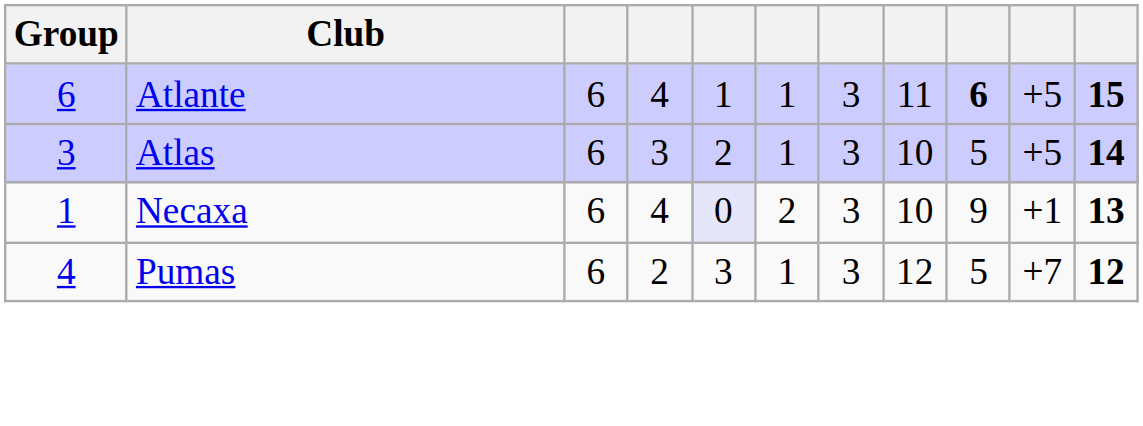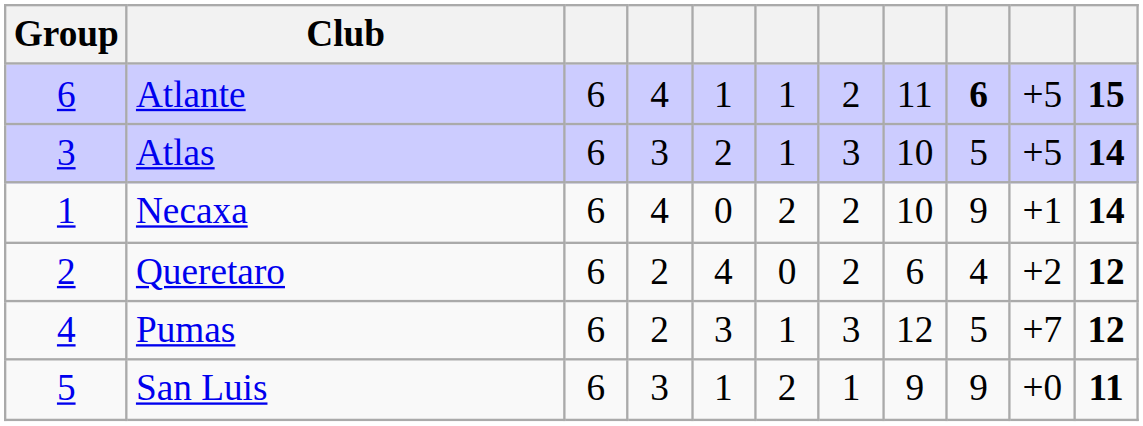 <table class="wikitable" style="text-align:center">
 <tr>
 <th width="20=">Group</th>
 <th width="180">Club</th>
 <th width="20"></th>
 <th width="20"></th>
 <th width="20"></th>
 <th width="20"></th>
 <th width="20"></th>
 <th width="20"></th>
 <th width="20"></th>
 <th width="20"></th>
 <th width="20"></th>
 </tr>
 <tr bgcolor="#ccccff">
 <td><a href='#'>6</a></td>
 <td align=left><a href='#'>Atlante</a></td>
 <td>6</td>
 <td>4</td>
 <td>1</td>
 <td>1</td>
-<td>3</td>
+<td>2</td>
 <td>11</td>
 <td><strong>6</strong></td>
 <td>+5</td>
 <td><strong>15</strong></td>
 </tr>
 <tr bgcolor="#ccccff">
 <td><a href='#'>3</a></td>
 <td align=left><a href='#'>Atlas</a></td>
 <td>6</td>
 <td>3</td>
 <td>2</td>
 <td>1</td>
 <td>3</td>
 <td>10</td>
 <td>5</td>
 <td>+5</td>
 <td><strong>14</strong></td>
 </tr>
 <tr>
 <td><a href='#'>1</a></td>
 <td align=left><a href='#'>Necaxa</a></td>
 <td>6</td>
 <td>4</td>
-<td style="background: lavender;">0</td>
+<td>0</td>
 <td>2</td>
-<td>3</td>
+<td>2</td>
 <td>10</td>
 <td>9</td>
 <td>+1</td>
-<td><strong>13</strong></td>
+<td><strong>14</strong></td>
+</tr>
+<tr>
+<td><a href='#'>2</a></td>
+<td align=left><a href='#'>Queretaro</a></td>
+<td>6</td>
+<td>2</td>
+<td>4</td>
+<td>0</td>
+<td>2</td>
+<td>6</td>
+<td>4</td>
+<td>+2</td>
+<td><strong>12</strong></td>
 </tr>
 <tr>
 <td><a href='#'>4</a></td>
 <td align=left><a href='#'>Pumas</a></td>
 <td>6</td>
 <td>2</td>
 <td>3</td>
 <td>1</td>
 <td>3</td>
 <td>12</td>
 <td>5</td>
 <td>+7</td>
 <td><strong>12</strong></td>
 </tr>
+<tr>
+<td><a href='#'>5</a></td>
+<td align=left><a href='#'>San Luis</a></td>
+<td>6</td>
+<td>3</td>
+<td>1</td>
+<td>2</td>
+<td>1</td>
+<td>9</td>
+<td>9</td>
+<td>+0</td>
+<td><strong>11</strong></td>
+</tr>
 </table>
